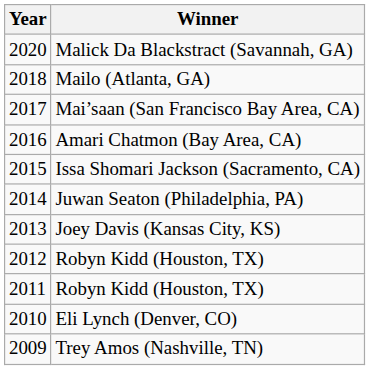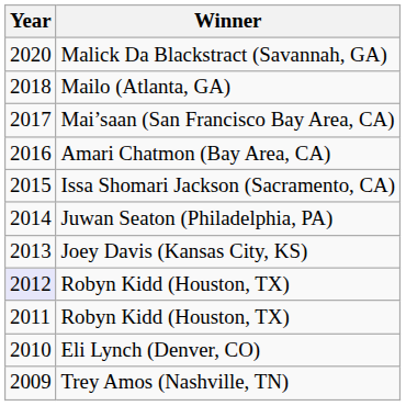 <table class="wikitable">
 <tr>
 <th>Year</th>
 <th>Winner</th>
 </tr>
 <tr>
 <td>2020</td>
 <td>Malick Da Blackstract (Savannah, GA)</td>
 </tr>
 <tr>
 <td>2018</td>
 <td>Mailo (Atlanta, GA)</td>
 </tr>
 <tr>
 <td>2017</td>
 <td>Mai’saan (San Francisco Bay Area, CA)</td>
 </tr>
 <tr>
 <td>2016</td>
 <td>Amari Chatmon (Bay Area, CA)</td>
 </tr>
 <tr>
 <td>2015</td>
 <td>Issa Shomari Jackson (Sacramento, CA)</td>
 </tr>
 <tr>
 <td>2014</td>
 <td>Juwan Seaton (Philadelphia, PA)</td>
 </tr>
 <tr>
 <td>2013</td>
 <td>Joey Davis (Kansas City, KS)</td>
 </tr>
 <tr>
-<td>2012</td>
+<td style="background: lavender;">2012</td>
 <td>Robyn Kidd (Houston, TX)</td>
 </tr>
 <tr>
 <td>2011</td>
 <td>Robyn Kidd (Houston, TX)</td>
 </tr>
 <tr>
 <td>2010</td>
 <td>Eli Lynch (Denver, CO)</td>
 </tr>
 <tr>
 <td>2009</td>
 <td>Trey Amos (Nashville, TN)</td>
 </tr>
 </table>
